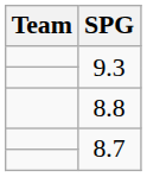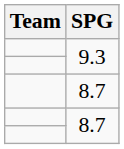 <table class=wikitable>
 <tr>
 <th>Team</th>
 <th>SPG</th>
 </tr>
 <tr>
 <td></td>
 <td align=center rowspan=2>9.3</td>
 </tr>
 <tr>
 <td></td>
 </tr>
 <tr>
 <td></td>
-<td align=center>8.8</td>
+<td align=center>8.7</td>
 </tr>
 <tr>
 <td></td>
 <td align=center rowspan=2>8.7</td>
 </tr>
 <tr>
 <td></td>
 </tr>
 </table>
